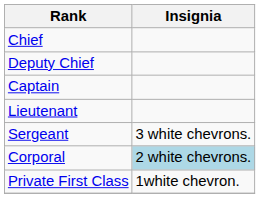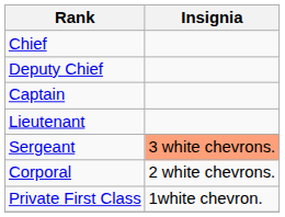 <table border="1" cellspacing="2" cellpadding="2" style="border-collapse:collapse;" class="wikitable">
 <tr>
 <th>Rank</th>
 <th>Insignia</th>
 </tr>
 <tr>
 <td><a href='#'>Chief</a></td>
 <td></td>
 </tr>
 <tr>
 <td><a href='#'>Deputy Chief</a></td>
 <td></td>
 </tr>
 <tr>
 <td><a href='#'>Captain</a></td>
 <td></td>
 </tr>
 <tr>
 <td><a href='#'>Lieutenant</a></td>
 <td></td>
 </tr>
 <tr>
 <td><a href='#'>Sergeant</a></td>
-<td>3 white chevrons.</td>
+<td style="background: lightsalmon;">3 white chevrons.</td>
 </tr>
 <tr>
 <td><a href='#'>Corporal</a></td>
-<td style="background: lightblue;">2 white chevrons.</td>
+<td>2 white chevrons.</td>
 </tr>
 <tr>
 <td><a href='#'>Private First Class</a></td>
 <td>1white chevron.</td>
 </tr>
 <tr>
 </tr>
 </table>
